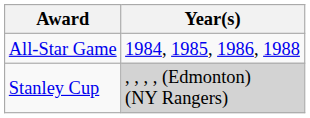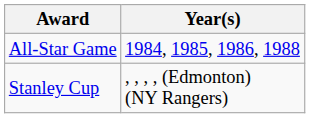 <table class="wikitable">
 <tr>
 <th>Award</th>
 <th>Year(s)</th>
 </tr>
 <tr>
 <td><a href='#'>All-Star Game</a></td>
 <td><a href='#'>1984</a>, <a href='#'>1985</a>, <a href='#'>1986</a>, <a href='#'>1988</a></td>
 </tr>
 <tr>
 <td><a href='#'>Stanley Cup</a></td>
-<td style="background: lightgrey;">, , , ,  (Edmonton)<br> (NY Rangers)</td>
+<td>, , , ,  (Edmonton)<br> (NY Rangers)</td>
 </tr>
 </table>
